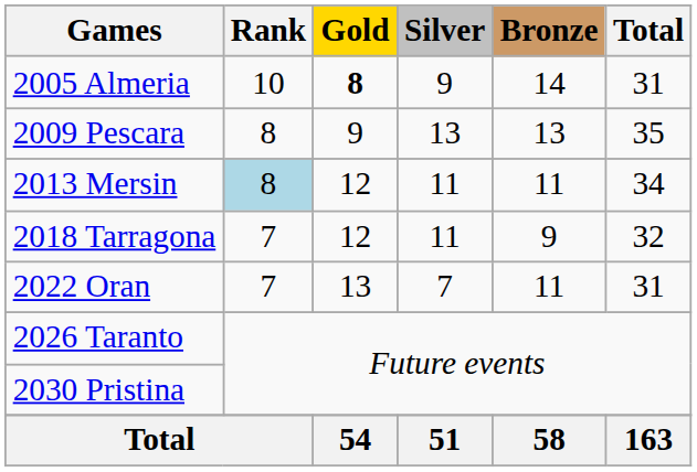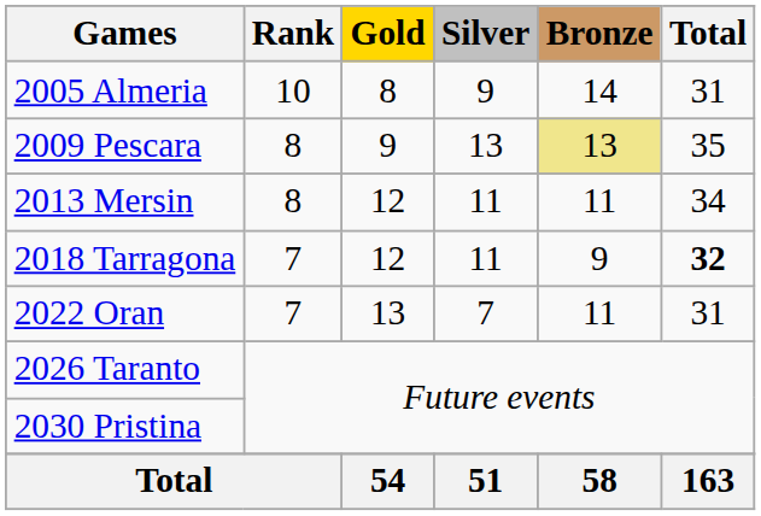 <table class="wikitable">
 <tr>
 <th>Games</th>
 <th>Rank</th>
 <td bgcolor="gold"><strong>Gold</strong></td>
 <td bgcolor="silver"><strong>Silver</strong></td>
 <td bgcolor="cc9966"><strong>Bronze</strong></td>
 <th>Total</th>
 </tr>
 <tr align=center>
 <td align=left> <a href='#'>2005 Almeria</a></td>
 <td>10</td>
-<td><strong>8</strong></td>
+<td>8</td>
 <td>9</td>
 <td>14</td>
 <td>31</td>
 </tr>
 <tr align=center>
 <td align=left> <a href='#'>2009 Pescara</a></td>
 <td>8</td>
 <td>9</td>
 <td>13</td>
-<td>13</td>
+<td style="background: khaki;">13</td>
 <td>35</td>
 </tr>
 <tr align=center>
 <td align=left> <a href='#'>2013 Mersin</a></td>
-<td style="background: lightblue;">8</td>
+<td>8</td>
 <td>12</td>
 <td>11</td>
 <td>11</td>
 <td>34</td>
 </tr>
 <tr align=center>
 <td align=left> <a href='#'>2018 Tarragona</a></td>
 <td>7</td>
 <td>12</td>
 <td>11</td>
 <td>9</td>
-<td>32</td>
+<td><strong>32</strong></td>
 </tr>
 <tr align=center>
 <td align=left> <a href='#'>2022 Oran</a></td>
 <td>7</td>
 <td>13</td>
 <td>7</td>
 <td>11</td>
 <td>31</td>
 </tr>
 <tr align=center>
 <td align=left> <a href='#'>2026 Taranto</a></td>
 <td colspan=5 rowspan=2><em>Future events</em></td>
 </tr>
 <tr align=center>
 <td align=left> <a href='#'>2030 Pristina</a></td>
 </tr>
 <tr>
 </tr>
 <tr style="width:4em;">
 <th colspan=2>Total</th>
 <th>54</th>
 <th>51</th>
 <th>58</th>
 <th>163</th>
 </tr>
 </table>
